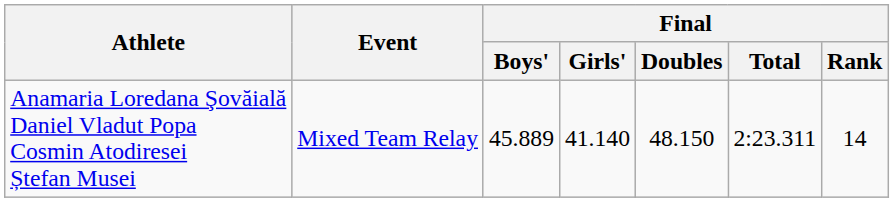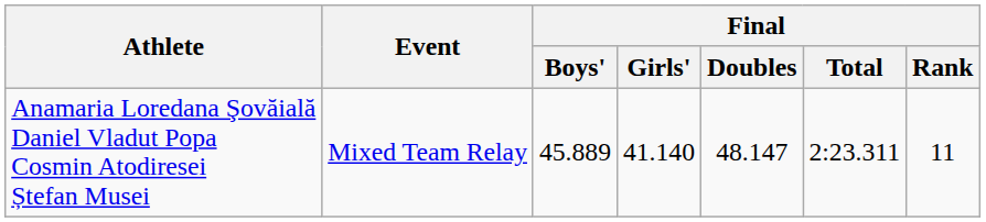 <table class="wikitable">
 <tr>
 <th rowspan="2">Athlete</th>
 <th rowspan="2">Event</th>
 <th colspan="5">Final</th>
 </tr>
 <tr>
 <th>Boys'</th>
 <th>Girls'</th>
 <th>Doubles</th>
 <th>Total</th>
 <th>Rank</th>
 </tr>
 <tr>
 <td><a href='#'>Anamaria Loredana Şovăială</a><br><a href='#'>Daniel Vladut Popa</a><br><a href='#'>Cosmin Atodiresei</a><br><a href='#'>Ștefan Musei</a></td>
 <td><a href='#'>Mixed Team Relay</a></td>
 <td align="center">45.889</td>
 <td align="center">41.140</td>
-<td align="center">48.150</td>
+<td align="center">48.147</td>
 <td align="center">2:23.311</td>
-<td align="center">14</td>
+<td align="center">11</td>
 </tr>
 </table>
